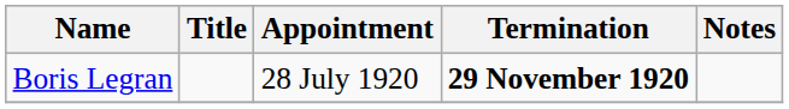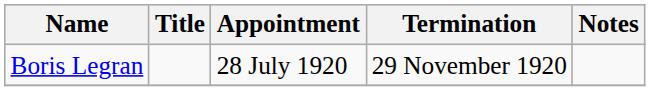 <table class="wikitable">
 <tr valign="middle">
 <th>Name</th>
 <th>Title</th>
 <th>Appointment</th>
 <th>Termination</th>
 <th>Notes</th>
 </tr>
 <tr>
 <td><a href='#'>Boris Legran</a></td>
 <td></td>
 <td>28 July 1920</td>
-<td><strong>29 November 1920</strong></td>
+<td>29 November 1920</td>
 <td></td>
 </tr>
 <tr>
 </tr>
 </table>
